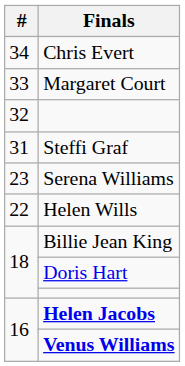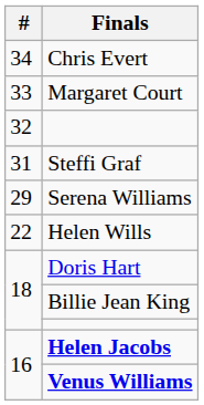 <table class="wikitable" style="display:inline-table">
 <tr>
 <th style="width:20px;">#</th>
 <th>Finals</th>
 </tr>
 <tr>
 <td>34</td>
 <td> Chris Evert</td>
 </tr>
 <tr>
 <td>33</td>
 <td> Margaret Court</td>
 </tr>
 <tr>
 <td>32</td>
 <td></td>
 </tr>
 <tr>
 <td>31</td>
 <td> Steffi Graf</td>
 </tr>
 <tr>
-<td>23</td>
+<td>29</td>
 <td> Serena Williams</td>
 </tr>
 <tr>
 <td>22</td>
 <td> Helen Wills</td>
 </tr>
 <tr>
 <td rowspan="3">18</td>
-<td> Billie Jean King</td>
+<td> <a href='#'>Doris Hart</a></td>
 </tr>
 <tr>
-<td> <a href='#'>Doris Hart</a></td>
+<td> Billie Jean King</td>
 </tr>
 <tr>
 <td></td>
 </tr>
 <tr>
 <td rowspan="2">16</td>
 <td><strong> <a href='#'>Helen Jacobs</a></strong></td>
 </tr>
 <tr>
 <td> <strong><a href='#'>Venus Williams</a></strong></td>
 </tr>
 </table>
